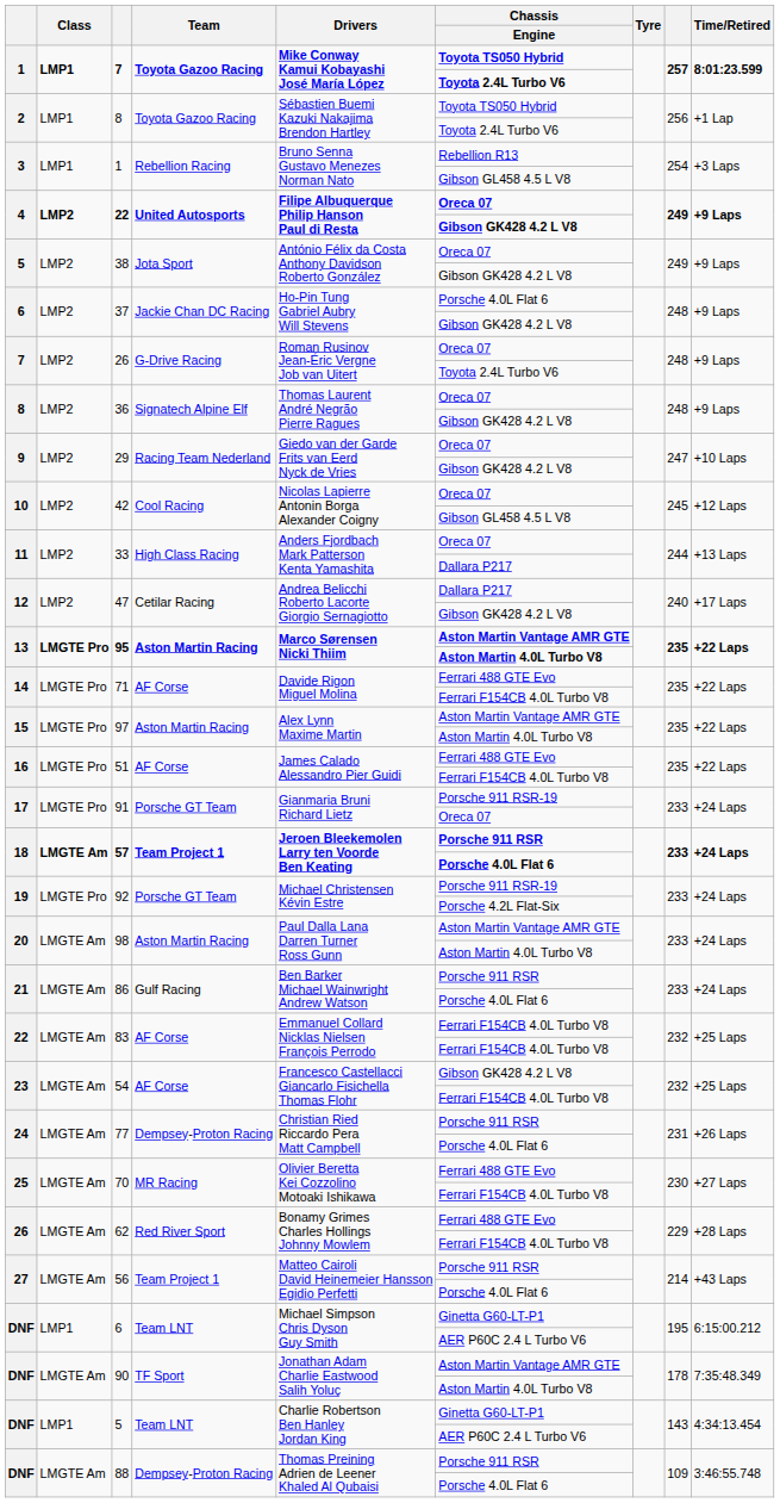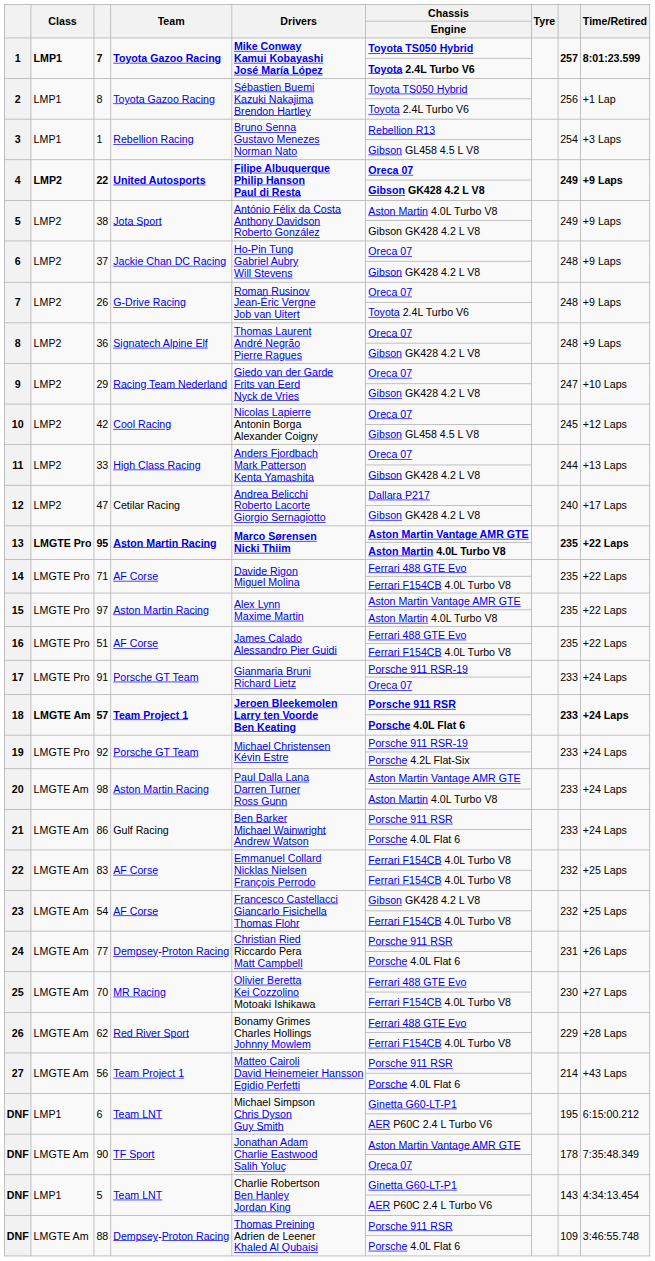 <table class="wikitable" style="font-size: 95%;">
 <tr>
 <th rowspan="2"></th>
 <th rowspan="2">Class</th>
 <th rowspan="2"></th>
 <th rowspan="2">Team</th>
 <th rowspan="2">Drivers</th>
 <th scope="col">Chassis</th>
 <th rowspan="2">Tyre</th>
 <th rowspan="2"></th>
 <th rowspan="2">Time/Retired</th>
 </tr>
 <tr>
 <th>Engine</th>
 </tr>
 <tr style="font-weight:bold">
 <th rowspan="2">1</th>
 <td rowspan="2">LMP1</td>
 <td rowspan="2">7</td>
 <td rowspan="2"> <a href='#'>Toyota Gazoo Racing</a></td>
 <td rowspan="2"> <a href='#'>Mike Conway</a><br> <a href='#'>Kamui Kobayashi</a><br> <a href='#'>José María López</a></td>
 <td><a href='#'>Toyota TS050 Hybrid</a></td>
 <td rowspan="2"></td>
 <td rowspan="2">257</td>
 <td rowspan="2">8:01:23.599</td>
 </tr>
 <tr>
 <td><strong><a href='#'>Toyota</a> 2.4L Turbo V6</strong></td>
 </tr>
 <tr>
 <th rowspan="2">2</th>
 <td rowspan="2">LMP1</td>
 <td rowspan="2">8</td>
 <td rowspan="2"> <a href='#'>Toyota Gazoo Racing</a></td>
 <td rowspan="2"> <a href='#'>Sébastien Buemi</a><br> <a href='#'>Kazuki Nakajima</a><br> <a href='#'>Brendon Hartley</a></td>
 <td><a href='#'>Toyota TS050 Hybrid</a></td>
 <td rowspan="2"></td>
 <td rowspan="2">256</td>
 <td rowspan="2">+1 Lap</td>
 </tr>
 <tr>
 <td><a href='#'>Toyota</a> 2.4L Turbo V6</td>
 </tr>
 <tr>
 <th rowspan="2">3</th>
 <td rowspan="2">LMP1</td>
 <td rowspan="2">1</td>
 <td rowspan="2"> <a href='#'>Rebellion Racing</a></td>
 <td rowspan="2"> <a href='#'>Bruno Senna</a><br> <a href='#'>Gustavo Menezes</a><br> <a href='#'>Norman Nato</a></td>
 <td><a href='#'>Rebellion R13</a></td>
 <td rowspan="2"></td>
 <td rowspan="2">254</td>
 <td rowspan="2">+3 Laps</td>
 </tr>
 <tr>
 <td><a href='#'>Gibson</a> GL458 4.5 L V8</td>
 </tr>
 <tr>
 <th rowspan="2">4</th>
 <td rowspan="2"><strong>LMP2</strong></td>
 <td rowspan="2"><strong>22</strong></td>
 <td rowspan="2"><strong> <a href='#'>United Autosports</a></strong></td>
 <td rowspan="2"><strong> <a href='#'>Filipe Albuquerque</a><br> <a href='#'>Philip Hanson</a><br> <a href='#'>Paul di Resta</a></strong></td>
 <td><strong><a href='#'>Oreca 07</a></strong></td>
 <td rowspan="2"></td>
 <td rowspan="2"><strong>249</strong></td>
 <td rowspan="2"><strong>+9 Laps</strong></td>
 </tr>
 <tr>
 <td><strong><a href='#'>Gibson</a> GK428 4.2 L V8</strong></td>
 </tr>
 <tr>
 <th rowspan="2"><strong>5</strong></th>
 <td rowspan="2">LMP2</td>
 <td rowspan="2">38</td>
 <td rowspan="2"> <a href='#'>Jota Sport</a></td>
 <td rowspan="2"> <a href='#'>António Félix da Costa</a><br><strong></strong> <a href='#'>Anthony Davidson</a><br> <a href='#'>Roberto González</a></td>
-<td><a href='#'>Oreca 07</a></td>
+<td><a href='#'>Aston Martin</a> 4.0L Turbo V8</td>
 <td rowspan="2"></td>
 <td rowspan="2">249</td>
 <td rowspan="2">+9 Laps</td>
 </tr>
 <tr>
 <td>Gibson GK428 4.2 L V8</td>
 </tr>
 <tr>
 <th rowspan="2"><strong>6</strong></th>
 <td rowspan="2">LMP2</td>
 <td rowspan="2">37</td>
 <td rowspan="2"> <a href='#'>Jackie Chan DC Racing</a></td>
 <td rowspan="2"> <a href='#'>Ho-Pin Tung</a><br> <a href='#'>Gabriel Aubry</a><br> <a href='#'>Will Stevens</a></td>
-<td><a href='#'>Porsche</a> 4.0L Flat 6</td>
+<td><a href='#'>Oreca 07</a></td>
 <td rowspan="2"></td>
 <td rowspan="2">248</td>
 <td rowspan="2">+9 Laps</td>
 </tr>
 <tr>
 <td><a href='#'>Gibson</a> GK428 4.2 L V8</td>
 </tr>
 <tr>
 <th rowspan="2">7</th>
 <td rowspan="2">LMP2</td>
 <td rowspan="2">26</td>
 <td rowspan="2"> <a href='#'>G-Drive Racing</a></td>
 <td rowspan="2"> <a href='#'>Roman Rusinov</a><br> <a href='#'>Jean-Éric Vergne</a><br> <a href='#'>Job van Uitert</a></td>
 <td><a href='#'>Oreca 07</a></td>
 <td rowspan="2"></td>
 <td rowspan="2">248</td>
 <td rowspan="2">+9 Laps</td>
 </tr>
 <tr>
 <td><a href='#'>Toyota</a> 2.4L Turbo V6</td>
 </tr>
 <tr>
 <th rowspan="2">8</th>
 <td rowspan="2">LMP2</td>
 <td rowspan="2">36</td>
 <td rowspan="2"> <a href='#'>Signatech Alpine Elf</a></td>
 <td rowspan="2"> <a href='#'>Thomas Laurent</a><br> <a href='#'>André Negrão</a><br> <a href='#'>Pierre Ragues</a></td>
 <td><a href='#'>Oreca 07</a></td>
 <td rowspan="2"></td>
 <td rowspan="2">248</td>
 <td rowspan="2">+9 Laps</td>
 </tr>
 <tr>
 <td><a href='#'>Gibson</a> GK428 4.2 L V8</td>
 </tr>
 <tr>
 <th rowspan="2">9</th>
 <td rowspan="2">LMP2</td>
 <td rowspan="2">29</td>
 <td rowspan="2"> <a href='#'>Racing Team Nederland</a></td>
 <td rowspan="2"> <a href='#'>Giedo van der Garde</a><br> <a href='#'>Frits van Eerd</a><br> <a href='#'>Nyck de Vries</a></td>
 <td><a href='#'>Oreca 07</a></td>
 <td rowspan="2"></td>
 <td rowspan="2">247</td>
 <td rowspan="2">+10 Laps</td>
 </tr>
 <tr>
 <td><a href='#'>Gibson</a> GK428 4.2 L V8</td>
 </tr>
 <tr>
 <th rowspan="2">10</th>
 <td rowspan="2">LMP2</td>
 <td rowspan="2">42</td>
 <td rowspan="2"> <a href='#'>Cool Racing</a></td>
 <td rowspan="2"> <a href='#'>Nicolas Lapierre</a><br> Antonin Borga<br> Alexander Coigny</td>
 <td><a href='#'>Oreca 07</a></td>
 <td rowspan="2"></td>
 <td rowspan="2">245</td>
 <td rowspan="2">+12 Laps</td>
 </tr>
 <tr>
 <td><a href='#'>Gibson</a> GL458 4.5 L V8</td>
 </tr>
 <tr>
 <th rowspan="2"><strong>11</strong></th>
 <td rowspan="2">LMP2</td>
 <td rowspan="2">33</td>
 <td rowspan="2"> <a href='#'>High Class Racing</a></td>
 <td rowspan="2"> <a href='#'>Anders Fjordbach</a><br> <a href='#'>Mark Patterson</a><br> <a href='#'>Kenta Yamashita</a></td>
 <td><a href='#'>Oreca 07</a></td>
 <td rowspan="2"></td>
 <td rowspan="2">244</td>
 <td rowspan="2">+13 Laps</td>
 </tr>
 <tr>
-<td><a href='#'>Dallara P217</a></td>
+<td><a href='#'>Gibson</a> GK428 4.2 L V8</td>
 </tr>
 <tr>
 <th rowspan="2">12</th>
 <td rowspan="2">LMP2</td>
 <td rowspan="2">47</td>
 <td rowspan="2"> Cetilar Racing</td>
 <td rowspan="2"> <a href='#'>Andrea Belicchi</a><br> <a href='#'>Roberto Lacorte</a><br> <a href='#'>Giorgio Sernagiotto</a></td>
 <td><a href='#'>Dallara P217</a></td>
 <td rowspan="2"></td>
 <td rowspan="2">240</td>
 <td rowspan="2">+17 Laps</td>
 </tr>
 <tr>
 <td><a href='#'>Gibson</a> GK428 4.2 L V8</td>
 </tr>
 <tr>
 <th rowspan="2"><strong>13</strong></th>
 <td rowspan="2"><strong>LMGTE Pro</strong></td>
 <td rowspan="2"><strong>95</strong></td>
 <td rowspan="2"><strong> <a href='#'>Aston Martin Racing</a></strong></td>
 <td rowspan="2"><strong> <a href='#'>Marco Sørensen</a><br> <a href='#'>Nicki Thiim</a></strong></td>
 <td><strong><a href='#'>Aston Martin Vantage AMR GTE</a></strong></td>
 <td rowspan="2"></td>
 <td rowspan="2"><strong>235</strong></td>
 <td rowspan="2"><strong>+22 Laps</strong></td>
 </tr>
 <tr>
 <td><strong><a href='#'>Aston Martin</a> 4.0L Turbo V8</strong></td>
 </tr>
 <tr>
 <th rowspan="2">14</th>
 <td rowspan="2">LMGTE Pro</td>
 <td rowspan="2">71</td>
 <td rowspan="2"> <a href='#'>AF Corse</a></td>
 <td rowspan="2"> <a href='#'>Davide Rigon</a><br> <a href='#'>Miguel Molina</a></td>
 <td><a href='#'>Ferrari 488 GTE Evo</a></td>
 <td rowspan="2"></td>
 <td rowspan="2">235</td>
 <td rowspan="2">+22 Laps</td>
 </tr>
 <tr>
 <td><a href='#'>Ferrari F154CB</a> 4.0L Turbo V8</td>
 </tr>
 <tr>
 <th rowspan="2">15</th>
 <td rowspan="2">LMGTE Pro</td>
 <td rowspan="2">97</td>
 <td rowspan="2"> <a href='#'>Aston Martin Racing</a></td>
 <td rowspan="2"> <a href='#'>Alex Lynn</a><br> <a href='#'>Maxime Martin</a></td>
 <td><a href='#'>Aston Martin Vantage AMR GTE</a></td>
 <td rowspan="2"></td>
 <td rowspan="2">235</td>
 <td rowspan="2">+22 Laps</td>
 </tr>
 <tr>
 <td><a href='#'>Aston Martin</a> 4.0L Turbo V8</td>
 </tr>
 <tr>
 <th rowspan="2">16</th>
 <td rowspan="2">LMGTE Pro</td>
 <td rowspan="2">51</td>
 <td rowspan="2"> <a href='#'>AF Corse</a></td>
 <td rowspan="2"> <a href='#'>James Calado</a><br> <a href='#'>Alessandro Pier Guidi</a></td>
 <td><a href='#'>Ferrari 488 GTE Evo</a></td>
 <td rowspan="2"></td>
 <td rowspan="2">235</td>
 <td rowspan="2">+22 Laps</td>
 </tr>
 <tr>
 <td><a href='#'>Ferrari F154CB</a> 4.0L Turbo V8</td>
 </tr>
 <tr>
 <th rowspan="2">17</th>
 <td rowspan="2">LMGTE Pro</td>
 <td rowspan="2">91</td>
 <td rowspan="2"> <a href='#'>Porsche GT Team</a></td>
 <td rowspan="2"> <a href='#'>Gianmaria Bruni</a><br> <a href='#'>Richard Lietz</a></td>
 <td><a href='#'>Porsche 911 RSR-19</a></td>
 <td rowspan="2"></td>
 <td rowspan="2">233</td>
 <td rowspan="2">+24 Laps</td>
 </tr>
 <tr>
 <td><a href='#'>Oreca 07</a></td>
 </tr>
 <tr>
 <th rowspan="2">18</th>
 <td rowspan="2"><strong>LMGTE Am</strong></td>
 <td rowspan="2"><strong>57</strong></td>
 <td rowspan="2"><strong> <a href='#'>Team Project 1</a></strong></td>
 <td rowspan="2"><strong> <a href='#'>Jeroen Bleekemolen</a><br> <a href='#'>Larry ten Voorde</a><br> <a href='#'>Ben Keating</a></strong></td>
 <td><a href='#'><strong>Porsche 911 RSR</strong></a></td>
 <td rowspan="2"></td>
 <td rowspan="2"><strong>233</strong></td>
 <td rowspan="2"><strong>+24 Laps</strong></td>
 </tr>
 <tr>
 <td><strong><a href='#'>Porsche</a> 4.0L Flat 6</strong></td>
 </tr>
 <tr>
 <th rowspan="2"><strong>19</strong></th>
 <td rowspan="2">LMGTE Pro</td>
 <td rowspan="2">92</td>
 <td rowspan="2"> <a href='#'>Porsche GT Team</a></td>
 <td rowspan="2"> <a href='#'>Michael Christensen</a><br> <a href='#'>Kévin Estre</a></td>
 <td><a href='#'>Porsche 911 RSR-19</a></td>
 <td rowspan="2"></td>
 <td rowspan="2">233</td>
 <td rowspan="2">+24 Laps</td>
 </tr>
 <tr>
 <td><a href='#'>Porsche</a> 4.2L Flat-Six</td>
 </tr>
 <tr>
 <th rowspan="2">20</th>
 <td rowspan="2">LMGTE Am</td>
 <td rowspan="2">98</td>
 <td rowspan="2"> <a href='#'>Aston Martin Racing</a></td>
 <td rowspan="2"> <a href='#'>Paul Dalla Lana</a><br> <a href='#'>Darren Turner</a><br> <a href='#'>Ross Gunn</a></td>
 <td><a href='#'>Aston Martin Vantage AMR GTE</a></td>
 <td rowspan="2"></td>
 <td rowspan="2">233</td>
 <td rowspan="2">+24 Laps</td>
 </tr>
 <tr>
 <td><a href='#'>Aston Martin</a> 4.0L Turbo V8</td>
 </tr>
 <tr>
 <th rowspan="2">21</th>
 <td rowspan="2">LMGTE Am</td>
 <td rowspan="2">86</td>
 <td rowspan="2"> Gulf Racing</td>
 <td rowspan="2"> <a href='#'>Ben Barker</a><br> <a href='#'>Michael Wainwright</a><br> <a href='#'>Andrew Watson</a></td>
 <td><a href='#'>Porsche 911 RSR</a></td>
 <td rowspan="2"></td>
 <td rowspan="2">233</td>
 <td rowspan="2">+24 Laps</td>
 </tr>
 <tr>
 <td><a href='#'>Porsche</a> 4.0L Flat 6</td>
 </tr>
 <tr>
 <th rowspan="2">22</th>
 <td rowspan="2">LMGTE Am</td>
 <td rowspan="2">83</td>
 <td rowspan="2"> <a href='#'>AF Corse</a></td>
 <td rowspan="2"> <a href='#'>Emmanuel Collard</a><br> <a href='#'>Nicklas Nielsen</a><br> <a href='#'>François Perrodo</a></td>
 <td><a href='#'>Ferrari F154CB</a> 4.0L Turbo V8</td>
 <td rowspan="2"></td>
 <td rowspan="2">232</td>
 <td rowspan="2">+25 Laps</td>
 </tr>
 <tr>
 <td><a href='#'>Ferrari F154CB</a> 4.0L Turbo V8</td>
 </tr>
 <tr>
 <th rowspan="2">23</th>
 <td rowspan="2">LMGTE Am</td>
 <td rowspan="2">54</td>
 <td rowspan="2"> <a href='#'>AF Corse</a></td>
 <td rowspan="2"> <a href='#'>Francesco Castellacci</a><br> <a href='#'>Giancarlo Fisichella</a><br> <a href='#'>Thomas Flohr</a></td>
 <td><a href='#'>Gibson</a> GK428 4.2 L V8</td>
 <td rowspan="2"></td>
 <td rowspan="2">232</td>
 <td rowspan="2">+25 Laps</td>
 </tr>
 <tr>
 <td><a href='#'>Ferrari F154CB</a> 4.0L Turbo V8</td>
 </tr>
 <tr>
 <th rowspan="2">24</th>
 <td rowspan="2">LMGTE Am</td>
 <td rowspan="2">77</td>
 <td rowspan="2"> <a href='#'>Dempsey</a>-<a href='#'>Proton Racing</a></td>
 <td rowspan="2"> <a href='#'>Christian Ried</a><br> Riccardo Pera<br> <a href='#'>Matt Campbell</a></td>
 <td><a href='#'>Porsche 911 RSR</a></td>
 <td rowspan="2"></td>
 <td rowspan="2">231</td>
 <td rowspan="2">+26 Laps</td>
 </tr>
 <tr>
 <td><a href='#'>Porsche</a> 4.0L Flat 6</td>
 </tr>
 <tr>
 <th rowspan="2">25</th>
 <td rowspan="2">LMGTE Am</td>
 <td rowspan="2">70</td>
 <td rowspan="2"> <a href='#'>MR Racing</a></td>
 <td rowspan="2"> <a href='#'>Olivier Beretta</a><br> <a href='#'>Kei Cozzolino</a><br> Motoaki Ishikawa</td>
 <td><a href='#'>Ferrari 488 GTE Evo</a></td>
 <td rowspan="2"></td>
 <td rowspan="2">230</td>
 <td rowspan="2">+27 Laps</td>
 </tr>
 <tr>
 <td><a href='#'>Ferrari F154CB</a> 4.0L Turbo V8</td>
 </tr>
 <tr>
 <th rowspan="2">26</th>
 <td rowspan="2">LMGTE Am</td>
 <td rowspan="2">62</td>
 <td rowspan="2"> <a href='#'>Red River Sport</a></td>
 <td rowspan="2"> Bonamy Grimes<br> Charles Hollings<br> <a href='#'>Johnny Mowlem</a></td>
 <td><a href='#'>Ferrari 488 GTE Evo</a></td>
 <td rowspan="2"></td>
 <td rowspan="2">229</td>
 <td rowspan="2">+28 Laps</td>
 </tr>
 <tr>
 <td><a href='#'>Ferrari F154CB</a> 4.0L Turbo V8</td>
 </tr>
 <tr>
 <th rowspan="2">27</th>
 <td rowspan="2">LMGTE Am</td>
 <td rowspan="2">56</td>
 <td rowspan="2"> <a href='#'>Team Project 1</a></td>
 <td rowspan="2"> <a href='#'>Matteo Cairoli</a><br> <a href='#'>David Heinemeier Hansson</a><br> <a href='#'>Egidio Perfetti</a></td>
 <td><a href='#'>Porsche 911 RSR</a></td>
 <td rowspan="2"></td>
 <td rowspan="2">214</td>
 <td rowspan="2">+43 Laps</td>
 </tr>
 <tr>
 <td><a href='#'>Porsche</a> 4.0L Flat 6</td>
 </tr>
 <tr>
 <th rowspan="2">DNF</th>
 <td rowspan="2">LMP1</td>
 <td rowspan="2">6</td>
 <td rowspan="2"> <a href='#'>Team LNT</a></td>
 <td rowspan="2"> Michael Simpson<br> <a href='#'>Chris Dyson</a><br> <a href='#'>Guy Smith</a></td>
 <td><a href='#'>Ginetta G60-LT-P1</a></td>
 <td rowspan="2"></td>
 <td rowspan="2">195</td>
 <td rowspan="2">6:15:00.212</td>
 </tr>
 <tr>
 <td><a href='#'>AER</a> P60C 2.4 L Turbo V6</td>
 </tr>
 <tr>
 <th rowspan="2">DNF</th>
 <td rowspan="2">LMGTE Am</td>
 <td rowspan="2">90</td>
 <td rowspan="2"> <a href='#'>TF Sport</a></td>
 <td rowspan="2"> <a href='#'>Jonathan Adam</a><br> <a href='#'>Charlie Eastwood</a><br> <a href='#'>Salih Yoluç</a></td>
 <td><a href='#'>Aston Martin Vantage AMR GTE</a></td>
 <td rowspan="2"></td>
 <td rowspan="2">178</td>
 <td rowspan="2">7:35:48.349</td>
 </tr>
 <tr>
-<td><a href='#'>Aston Martin</a> 4.0L Turbo V8</td>
+<td><a href='#'>Oreca 07</a></td>
 </tr>
 <tr>
 <th rowspan="2">DNF</th>
 <td rowspan="2">LMP1</td>
 <td rowspan="2">5</td>
 <td rowspan="2"> <a href='#'>Team LNT</a></td>
 <td rowspan="2"> Charlie Robertson<br> <a href='#'>Ben Hanley</a><br> <a href='#'>Jordan King</a></td>
 <td><a href='#'>Ginetta G60-LT-P1</a></td>
 <td rowspan="2"></td>
 <td rowspan="2">143</td>
 <td rowspan="2">4:34:13.454</td>
 </tr>
 <tr>
 <td><a href='#'>AER</a> P60C 2.4 L Turbo V6</td>
 </tr>
 <tr>
 <th rowspan="2">DNF</th>
 <td rowspan="2">LMGTE Am</td>
 <td rowspan="2">88</td>
 <td rowspan="2"> <a href='#'>Dempsey</a>-<a href='#'>Proton Racing</a></td>
 <td rowspan="2"> <a href='#'>Thomas Preining</a><br> Adrien de Leener<br> <a href='#'>Khaled Al Qubaisi</a></td>
 <td><a href='#'>Porsche 911 RSR</a></td>
 <td rowspan="2"></td>
 <td rowspan="2">109</td>
 <td rowspan="2">3:46:55.748</td>
 </tr>
 <tr>
 <td><a href='#'>Porsche</a> 4.0L Flat 6</td>
 </tr>
 </table>
